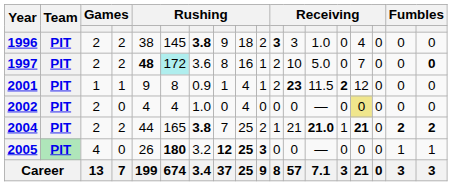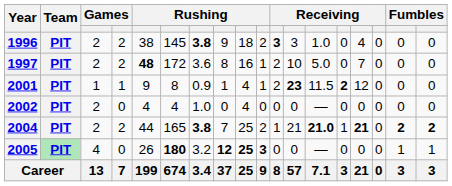 <table class=wikitable style="text-align:center;">
 <tr>
 <th rowspan="2">Year</th>
 <th rowspan="2">Team</th>
 <th colspan="2">Games</th>
 <th colspan="6">Rushing</th>
 <th colspan="6">Receiving</th>
 <th colspan="2">Fumbles</th>
 </tr>
 <tr>
 <th></th>
 <th></th>
 <th></th>
 <th></th>
 <th></th>
 <th></th>
 <th></th>
 <th></th>
 <th></th>
 <th></th>
 <th></th>
 <th></th>
 <th></th>
 <th></th>
 <th></th>
 <th></th>
 </tr>
 <tr>
 <th><a href='#'>1996</a></th>
 <th><a href='#'>PIT</a></th>
 <td>2</td>
 <td>2</td>
 <td>38</td>
 <td>145</td>
 <td><strong>3.8</strong></td>
 <td>9</td>
 <td>18</td>
 <td>2</td>
 <td><strong>3</strong></td>
 <td>3</td>
 <td>1.0</td>
 <td>0</td>
 <td>4</td>
 <td>0</td>
 <td>0</td>
 <td>0</td>
 </tr>
 <tr>
 <th><a href='#'>1997</a></th>
 <th><a href='#'>PIT</a></th>
 <td>2</td>
 <td>2</td>
 <td><strong>48</strong></td>
-<td style="background: paleturquoise;">172</td>
+<td>172</td>
 <td>3.6</td>
 <td>8</td>
 <td>16</td>
 <td>1</td>
 <td>2</td>
 <td>10</td>
 <td>5.0</td>
 <td>0</td>
 <td>7</td>
 <td>0</td>
 <td>0</td>
-<td><strong>0</strong></td>
+<td>0</td>
 </tr>
 <tr>
 <th><a href='#'>2001</a></th>
 <th><a href='#'>PIT</a></th>
 <td>1</td>
 <td>1</td>
 <td>9</td>
 <td>8</td>
 <td>0.9</td>
 <td>1</td>
 <td>4</td>
 <td>1</td>
 <td>2</td>
 <td><strong>23</strong></td>
 <td>11.5</td>
 <td><strong>2</strong></td>
 <td>12</td>
 <td>0</td>
 <td>0</td>
 <td>0</td>
 </tr>
 <tr>
 <th><a href='#'>2002</a></th>
 <th><a href='#'>PIT</a></th>
 <td>2</td>
 <td>0</td>
 <td>4</td>
 <td>4</td>
 <td>1.0</td>
 <td>0</td>
 <td>4</td>
 <td>0</td>
 <td>0</td>
 <td>0</td>
 <td>—</td>
 <td>0</td>
-<td style="background: khaki;">0</td>
+<td>0</td>
 <td>0</td>
 <td>0</td>
 <td>0</td>
 </tr>
 <tr>
 <th><a href='#'>2004</a></th>
 <th><a href='#'>PIT</a></th>
 <td>2</td>
 <td>2</td>
 <td>44</td>
 <td>165</td>
 <td><strong>3.8</strong></td>
 <td>7</td>
 <td>25</td>
 <td>2</td>
 <td>1</td>
 <td>21</td>
 <td><strong>21.0</strong></td>
 <td>1</td>
 <td><strong>21</strong></td>
 <td>0</td>
 <td><strong>2</strong></td>
 <td><strong>2</strong></td>
 </tr>
 <tr>
 <th><a href='#'>2005</a></th>
 <th style="background:#afe6ba;"><a href='#'>PIT</a></th>
 <td>4</td>
 <td>0</td>
 <td>26</td>
 <td><strong>180</strong></td>
 <td>3.2</td>
 <td><strong>12</strong></td>
 <td><strong>25</strong></td>
 <td><strong>3</strong></td>
 <td>0</td>
 <td>0</td>
 <td>—</td>
 <td>0</td>
 <td>0</td>
 <td>0</td>
 <td>1</td>
 <td>1</td>
 </tr>
 <tr>
 <th colspan="2">Career</th>
 <th>13</th>
 <th>7</th>
 <th>199</th>
 <th>674</th>
 <th>3.4</th>
 <th>37</th>
 <th>25</th>
 <th>9</th>
 <th>8</th>
 <th>57</th>
 <th>7.1</th>
 <th>3</th>
 <th>21</th>
 <th>0</th>
 <th>3</th>
 <th>3</th>
 </tr>
 </table>
